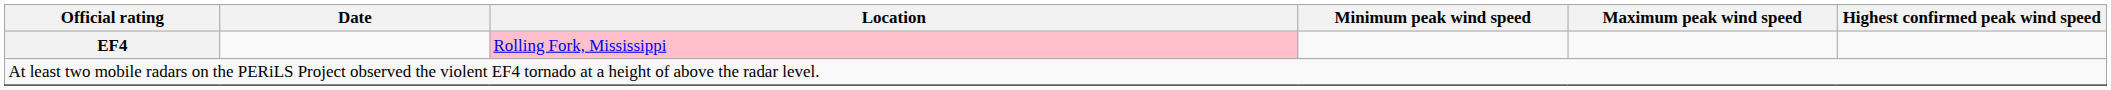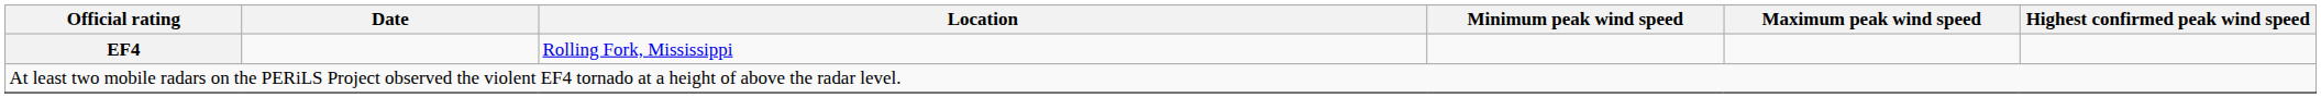 <table class="wikitable sortable" style="width:100%;">
 <tr>
 <th scope="col" style="width:4%;" class="unsortable">Official rating</th>
 <th scope="col" style="width:5%;">Date</th>
 <th scope="col" style="width:15%;" class="unsortable">Location</th>
 <th scope="col" style="width:5%;">Minimum peak wind speed</th>
 <th scope="col" style="width:5%;">Maximum peak wind speed</th>
 <th scope="col" style="width:5%;">Highest confirmed peak wind speed</th>
 </tr>
 <tr>
 <th style="background-color:#">EF4</th>
 <td></td>
-<td style="background: pink;"><a href='#'>Rolling Fork, Mississippi</a></td>
+<td><a href='#'>Rolling Fork, Mississippi</a></td>
 <td></td>
 <td></td>
 <td><strong></strong></td>
 </tr>
 <tr class="expand-child">
 <td colspan="6" style=" border-bottom: 1px solid black;">At least two mobile radars on the PERiLS Project observed the violent EF4 tornado at a height of  above the radar level.</td>
 </tr>
 </table>
